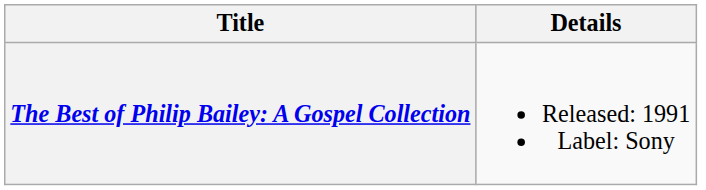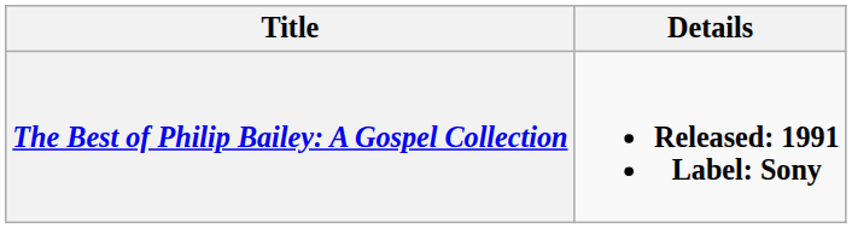 <table class="wikitable plainrowheaders" style="text-align:center;">
 <tr>
 <th scope="col">Title</th>
 <th scope="col">Details</th>
 </tr>
 <tr>
 <th scope="row"><em><a href='#'>The Best of Philip Bailey: A Gospel Collection</a></em></th>
-<td><br><ul><li>Released: 1991</li><li>Label: Sony</li></ul></td>
+<td><strong><br><ul><li>Released: 1991</li><li>Label: Sony</li></ul></strong></td>
 </tr>
 </table>
